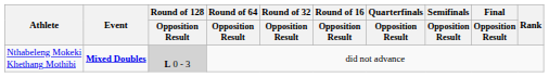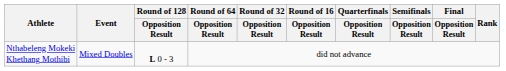 <table class="wikitable" style="font-size:90%">
 <tr>
 <th rowspan=2>Athlete</th>
 <th rowspan=2>Event</th>
 <th>Round of 128</th>
 <th>Round of 64</th>
 <th>Round of 32</th>
 <th>Round of 16</th>
 <th>Quarterfinals</th>
 <th>Semifinals</th>
 <th>Final</th>
 <th rowspan=2>Rank</th>
 </tr>
 <tr style="font-size:95%">
 <th>Opposition<br>Result</th>
 <th>Opposition<br>Result</th>
 <th>Opposition<br>Result</th>
 <th>Opposition<br>Result</th>
 <th>Opposition<br>Result</th>
 <th>Opposition<br>Result</th>
 <th>Opposition<br>Result</th>
 </tr>
 <tr align=center>
 <td align=left><a href='#'>Nthabeleng Mokeki</a><br><a href='#'>Khethang Mothibi</a></td>
-<td align=left><strong><a href='#'>Mixed Doubles</a></strong></td>
-<td style="background: lightgrey;"><br><strong>L</strong> 0 - 3</td>
+<td align=left><a href='#'>Mixed Doubles</a></td>
+<td><br><strong>L</strong> 0 - 3</td>
 <td colspan=7>did not advance</td>
 </tr>
 </table>
